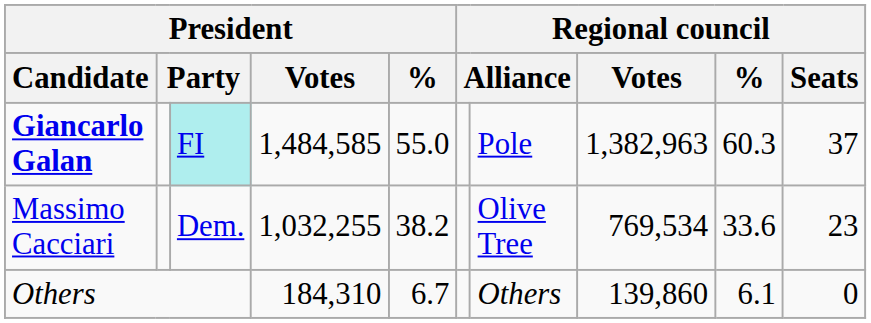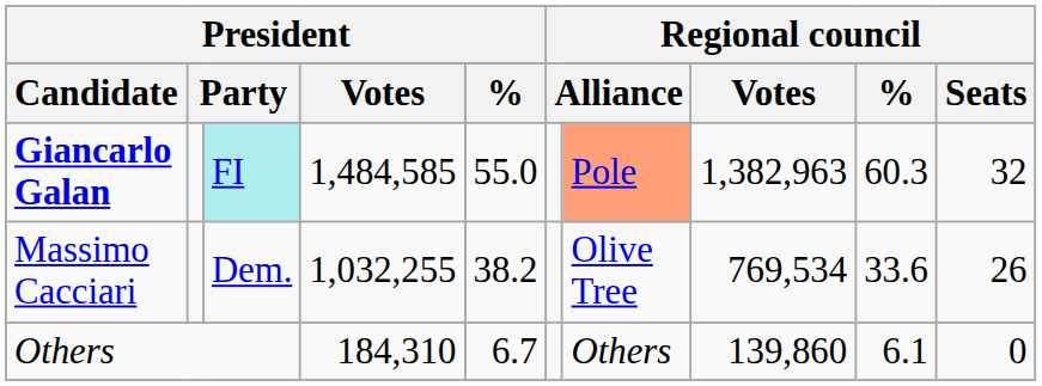 <table class="wikitable" style="text-align:right; style="width=65%">
 <tr>
 <th colspan="5">President</th>
 <th colspan="7">Regional council</th>
 </tr>
 <tr>
 <th>Candidate</th>
 <th colspan="2">Party</th>
 <th>Votes</th>
 <th>%</th>
 <th colspan="2">Alliance</th>
 <th>Votes</th>
 <th>%</th>
 <th>Seats</th>
 </tr>
 <tr>
 <td style="text-align:left"><strong><a href='#'>Giancarlo Galan</a></strong></td>
 <td></td>
 <td style="background: paleturquoise; text-align:left"><a href='#'>FI</a></td>
 <td>1,484,585</td>
 <td>55.0</td>
 <td></td>
-<td style="text-align:left"><a href='#'>Pole</a></td>
+<td style="background: lightsalmon; text-align:left"><a href='#'>Pole</a></td>
 <td>1,382,963</td>
 <td>60.3</td>
-<td>37</td>
+<td>32</td>
 </tr>
 <tr>
 <td style="text-align:left"><a href='#'>Massimo Cacciari</a></td>
 <td></td>
 <td style="text-align:left"><a href='#'>Dem.</a></td>
 <td>1,032,255</td>
 <td>38.2</td>
 <td></td>
 <td style="text-align:left"><a href='#'>Olive Tree</a></td>
 <td>769,534</td>
 <td>33.6</td>
-<td>23</td>
+<td>26</td>
 </tr>
 <tr>
 <td colspan="3" style="text-align:left"><em>Others</em></td>
 <td>184,310</td>
 <td>6.7</td>
 <td></td>
 <td style="text-align:left"><em>Others</em></td>
 <td>139,860</td>
 <td>6.1</td>
 <td>0</td>
 </tr>
 </table>
